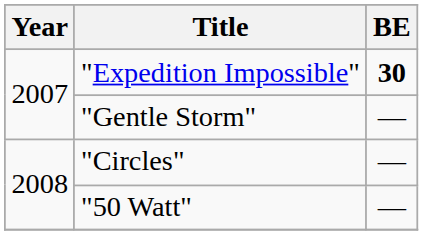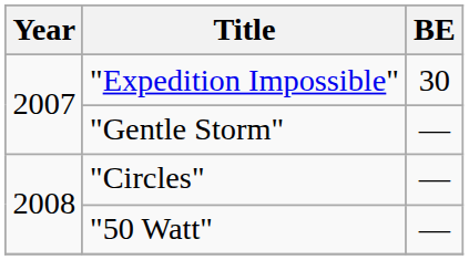 <table class="wikitable">
 <tr>
 <th>Year</th>
 <th>Title</th>
 <th>BE</th>
 </tr>
 <tr>
 <td rowspan=2>2007</td>
 <td>"<a href='#'>Expedition Impossible</a>"</td>
-<td align="center"><strong>30</strong></td>
+<td align="center">30</td>
 </tr>
 <tr>
 <td>"Gentle Storm"</td>
 <td align="center">—</td>
 </tr>
 <tr>
 <td rowspan=2>2008</td>
 <td>"Circles"</td>
 <td align="center">—</td>
 </tr>
 <tr>
 <td>"50 Watt"</td>
 <td align="center">—</td>
 </tr>
 <tr>
 </tr>
 </table>
